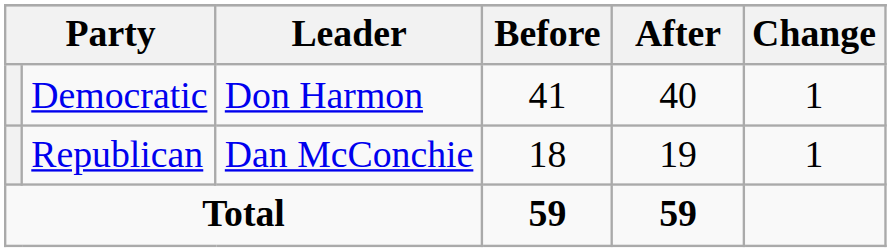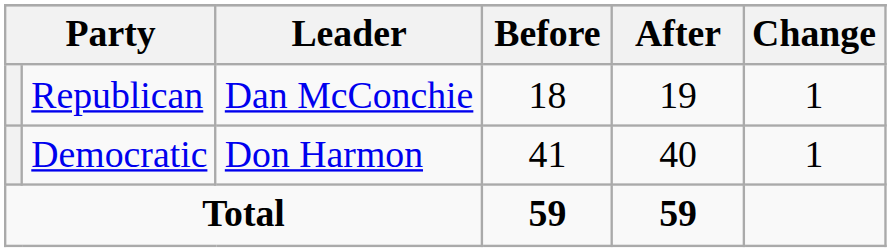 <table class="wikitable" style="text-align:center;">
 <tr>
 </tr>
 <tr>
 <th colspan=2>Party</th>
 <th>Leader</th>
 <th style="width:3em">Before</th>
 <th style="width:3em">After</th>
 <th style="width:3em">Change</th>
 </tr>
 <tr>
 <th style="background-color:"></th>
+<td style="text-align:left;"><a href='#'>Republican</a></td>
+<td style="text-align:left;"><a href='#'>Dan McConchie</a></td>
+<td>18</td>
+<td>19</td>
+<td>1</td>
+</tr>
+<tr>
+<th style="background-color:"></th>
 <td style="text-align:left;"><a href='#'>Democratic</a></td>
 <td style="text-align:left;"><a href='#'>Don Harmon</a></td>
 <td>41</td>
 <td>40</td>
-<td>1</td>
-</tr>
-<tr>
-<th style="background-color:"></th>
-<td style="text-align:left;"><a href='#'>Republican</a></td>
-<td style="text-align:left;"><a href='#'>Dan McConchie</a></td>
-<td>18</td>
-<td>19</td>
 <td>1</td>
 </tr>
 <tr>
 <td colspan=3><strong>Total</strong></td>
 <td><strong>59</strong></td>
 <td><strong>59</strong></td>
 <td></td>
 </tr>
 </table>
